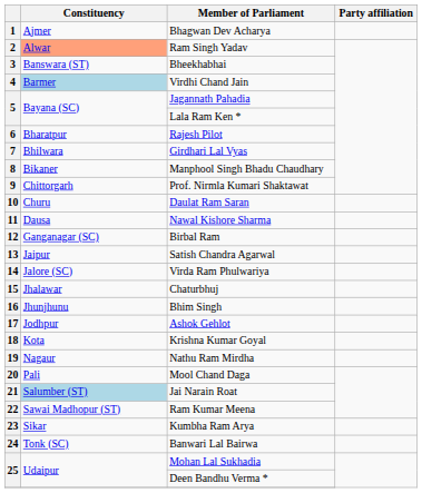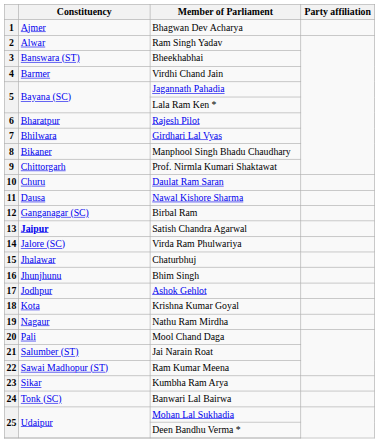 <table class="wikitable sortable">
 <tr style="text-align:center;">
 <th></th>
 <th style="width:13em">Constituency</th>
 <th style="width:15em">Member of Parliament</th>
 <th colspan="2" style="width:15em">Party affiliation</th>
 </tr>
 <tr>
 <th>1</th>
 <td><a href='#'>Ajmer</a></td>
 <td>Bhagwan Dev Acharya</td>
 <td></td>
 </tr>
 <tr>
 <th>2</th>
-<td style="background: lightsalmon;"><a href='#'>Alwar</a></td>
+<td><a href='#'>Alwar</a></td>
 <td>Ram Singh Yadav</td>
 </tr>
 <tr>
 <th>3</th>
 <td><a href='#'>Banswara (ST)</a></td>
 <td>Bheekhabhai</td>
 </tr>
 <tr>
 <th>4</th>
-<td style="background: lightblue;"><a href='#'>Barmer</a></td>
+<td><a href='#'>Barmer</a></td>
 <td>Virdhi Chand Jain</td>
 </tr>
 <tr>
 <th rowspan=2>5</th>
 <td rowspan=2><a href='#'>Bayana (SC)</a></td>
 <td><a href='#'>Jagannath Pahadia</a></td>
 </tr>
 <tr>
 <td>Lala Ram Ken *</td>
 </tr>
 <tr>
 <th>6</th>
 <td><a href='#'>Bharatpur</a></td>
 <td><a href='#'>Rajesh Pilot</a></td>
 </tr>
 <tr>
 <th>7</th>
 <td><a href='#'>Bhilwara</a></td>
 <td><a href='#'>Girdhari Lal Vyas</a></td>
 </tr>
 <tr>
 <th>8</th>
 <td><a href='#'>Bikaner</a></td>
 <td>Manphool Singh Bhadu Chaudhary</td>
 </tr>
 <tr>
 <th>9</th>
 <td><a href='#'>Chittorgarh</a></td>
 <td>Prof. Nirmla Kumari Shaktawat</td>
 </tr>
 <tr>
 <th>10</th>
 <td><a href='#'>Churu</a></td>
 <td><a href='#'>Daulat Ram Saran</a></td>
 <td></td>
 </tr>
 <tr>
 <th>11</th>
 <td><a href='#'>Dausa</a></td>
 <td><a href='#'>Nawal Kishore Sharma</a></td>
 <td></td>
 </tr>
 <tr>
 <th>12</th>
 <td><a href='#'>Ganganagar (SC)</a></td>
 <td>Birbal Ram</td>
 </tr>
 <tr>
 <th>13</th>
-<td><a href='#'>Jaipur</a></td>
+<td><strong><a href='#'>Jaipur</a></strong></td>
 <td>Satish Chandra Agarwal</td>
 <td></td>
 </tr>
 <tr>
 <th>14</th>
 <td><a href='#'>Jalore (SC)</a></td>
 <td>Virda Ram Phulwariya</td>
 <td></td>
 </tr>
 <tr>
 <th>15</th>
 <td><a href='#'>Jhalawar</a></td>
 <td>Chaturbhuj</td>
 <td></td>
 </tr>
 <tr>
 <th>16</th>
 <td><a href='#'>Jhunjhunu</a></td>
 <td>Bhim Singh</td>
 </tr>
 <tr>
 <th>17</th>
 <td><a href='#'>Jodhpur</a></td>
 <td><a href='#'>Ashok Gehlot</a></td>
 <td></td>
 </tr>
 <tr>
 <th>18</th>
 <td><a href='#'>Kota</a></td>
 <td>Krishna Kumar Goyal</td>
 <td></td>
 </tr>
 <tr>
 <th>19</th>
 <td><a href='#'>Nagaur</a></td>
 <td>Nathu Ram Mirdha</td>
 <td></td>
 </tr>
 <tr>
 <th>20</th>
 <td><a href='#'>Pali</a></td>
 <td>Mool Chand Daga</td>
 </tr>
 <tr>
 <th>21</th>
-<td style="background: lightblue;"><a href='#'>Salumber (ST)</a></td>
+<td><a href='#'>Salumber (ST)</a></td>
 <td>Jai Narain Roat</td>
 </tr>
 <tr>
 <th>22</th>
 <td><a href='#'>Sawai Madhopur (ST)</a></td>
 <td>Ram Kumar Meena</td>
 </tr>
 <tr>
 <th>23</th>
 <td><a href='#'>Sikar</a></td>
 <td>Kumbha Ram Arya</td>
 <td></td>
 </tr>
 <tr>
 <th>24</th>
 <td><a href='#'>Tonk (SC)</a></td>
 <td>Banwari Lal Bairwa</td>
 <td></td>
 </tr>
 <tr>
 <th rowspan=2>25</th>
 <td rowspan=2><a href='#'>Udaipur</a></td>
 <td><a href='#'>Mohan Lal Sukhadia</a></td>
 </tr>
 <tr>
 <td>Deen Bandhu Verma *</td>
 </tr>
 <tr>
 </tr>
 </table>
